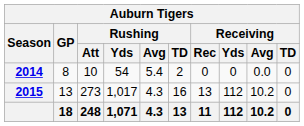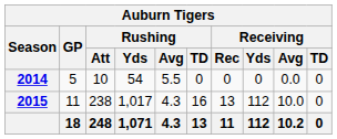 <table class="wikitable" style="text-align: center;">
 <tr>
 <th colspan="15">Auburn Tigers</th>
 </tr>
 <tr>
 <th rowspan="2">Season</th>
 <th rowspan="2">GP</th>
 <th colspan="4">Rushing</th>
 <th colspan="4">Receiving</th>
 </tr>
 <tr>
 <th>Att</th>
 <th>Yds</th>
 <th>Avg</th>
 <th>TD</th>
 <th>Rec</th>
 <th>Yds</th>
 <th>Avg</th>
 <th>TD</th>
 </tr>
 <tr>
 <th><a href='#'>2014</a></th>
-<td>8</td>
+<td>5</td>
 <td>10</td>
 <td>54</td>
-<td>5.4</td>
-<td>2</td>
+<td>5.5</td>
+<td>0</td>
 <td>0</td>
 <td>0</td>
 <td>0.0</td>
 <td>0</td>
 </tr>
 <tr>
 <th><a href='#'>2015</a></th>
-<td>13</td>
-<td>273</td>
+<td>11</td>
+<td>238</td>
 <td>1,017</td>
 <td>4.3</td>
 <td>16</td>
 <td>13</td>
 <td>112</td>
-<td>10.2</td>
+<td>10.0</td>
 <td>0</td>
 </tr>
 <tr>
 <th></th>
 <th>18</th>
 <th>248</th>
 <th>1,071</th>
 <th>4.3</th>
 <th>13</th>
 <th>11</th>
 <th>112</th>
 <th>10.2</th>
 <th>0</th>
 </tr>
 </table>
